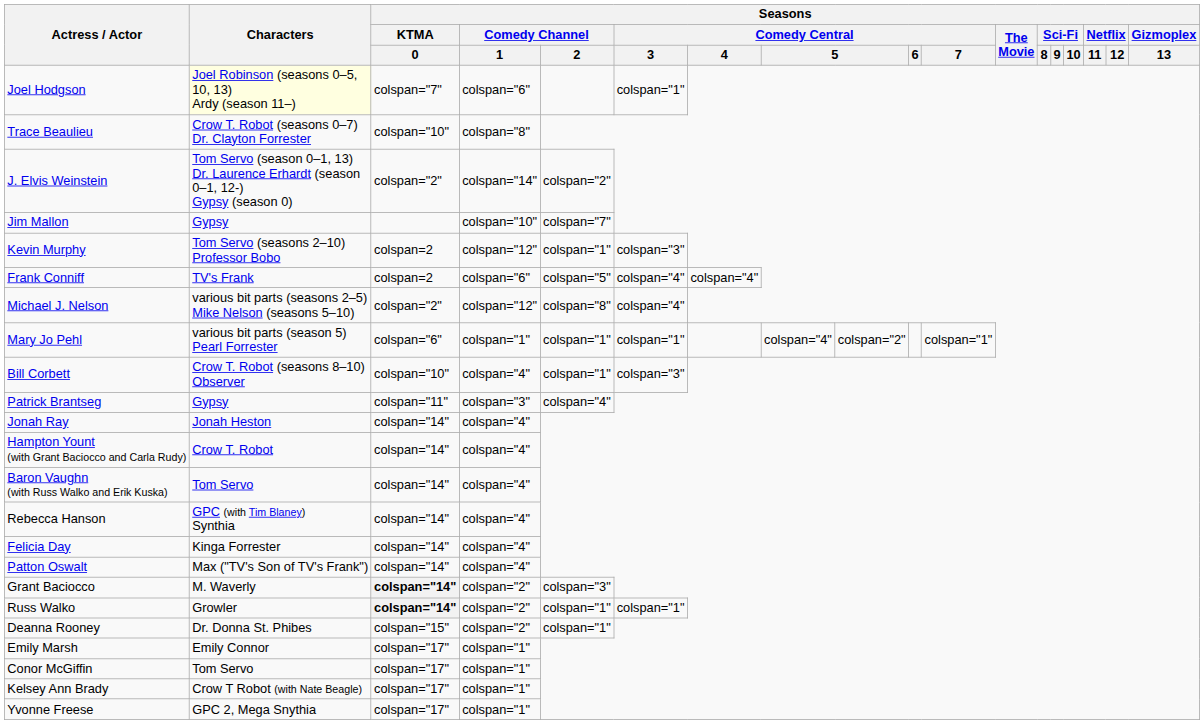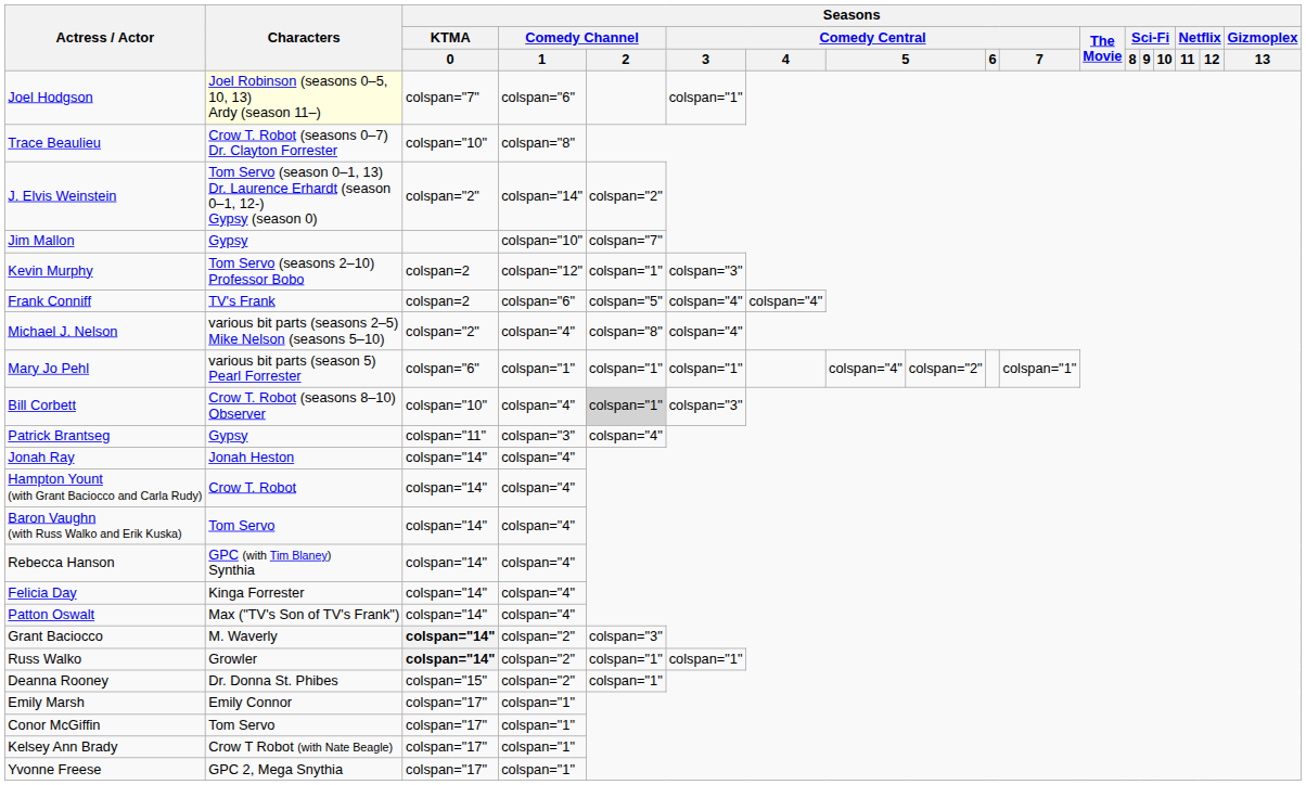 <table class="wikitable sortable" width="100%" style="margin:1em auto;">
 <tr>
 <th scope="col" rowspan="3">Actress / Actor</th>
 <th scope="col" rowspan="3">Characters</th>
 <th scope="col" colspan="18">Seasons</th>
 </tr>
 <tr>
 <th scope="col">KTMA</th>
 <th scope="col" colspan="2"><a href='#'>Comedy Channel</a></th>
 <th scope="col" colspan="6"><a href='#'>Comedy Central</a></th>
 <th scope="col" rowspan="2"><a href='#'>The Movie</a></th>
 <th scope="col" colspan="4"><a href='#'>Sci-Fi</a></th>
 <th scope="col" colspan="3"><a href='#'>Netflix</a></th>
 <th scope="col" colspan="1"><a href='#'>Gizmoplex</a></th>
 </tr>
 <tr>
 <th scope="col">0</th>
 <th scope="col">1</th>
 <th scope="col">2</th>
 <th scope="col">3</th>
 <th scope="col">4</th>
 <th scope="col" colspan="2">5</th>
 <th scope="col">6</th>
 <th scope="col">7</th>
 <th scope="col" colspan="2">8</th>
 <th scope="col">9</th>
 <th scope="col">10</th>
 <th scope="col" colspan="2">11</th>
 <th scope="col">12</th>
 <th scope="col">13</th>
 </tr>
 <tr>
 <td scope="row"><a href='#'>Joel Hodgson</a></td>
 <td style="background: lightyellow;"><a href='#'>Joel Robinson</a> (seasons 0–5, 10, 13)<br>Ardy (season 11–)</td>
 <td>colspan="7" </td>
 <td>colspan="6" </td>
 <td></td>
 <td>colspan="1" </td>
 </tr>
 <tr>
 <td scope="row"><a href='#'>Trace Beaulieu</a></td>
 <td><a href='#'>Crow T. Robot</a> (seasons 0–7) <br><a href='#'>Dr. Clayton Forrester</a></td>
 <td>colspan="10" </td>
 <td>colspan="8" </td>
 </tr>
 <tr>
 <td scope="row"><a href='#'>J. Elvis Weinstein</a></td>
 <td><a href='#'>Tom Servo</a> (season 0–1, 13)<br><a href='#'>Dr. Laurence Erhardt</a> (season 0–1, 12-)<br><a href='#'>Gypsy</a> (season 0)</td>
 <td>colspan="2" </td>
 <td>colspan="14" </td>
 <td>colspan="2" </td>
 </tr>
 <tr>
 <td scope="row"><a href='#'>Jim Mallon</a></td>
 <td><a href='#'>Gypsy</a></td>
 <td></td>
 <td>colspan="10" </td>
 <td>colspan="7" </td>
 </tr>
 <tr>
 <td scope="row"><a href='#'>Kevin Murphy</a></td>
 <td><a href='#'>Tom Servo</a> (seasons 2–10)<br><a href='#'>Professor Bobo</a></td>
 <td>colspan=2 </td>
 <td>colspan="12" </td>
 <td>colspan="1" </td>
 <td>colspan="3" </td>
 </tr>
 <tr>
 <td scope="row"><a href='#'>Frank Conniff</a></td>
 <td><a href='#'>TV's Frank</a></td>
 <td>colspan=2 </td>
 <td>colspan="6" </td>
 <td>colspan="5" </td>
 <td>colspan="4" </td>
 <td>colspan="4" </td>
 </tr>
 <tr>
 <td scope="row"><a href='#'>Michael J. Nelson</a></td>
 <td>various bit parts (seasons 2–5)<br><a href='#'>Mike Nelson</a> (seasons 5–10)</td>
 <td>colspan="2" </td>
-<td>colspan="12" </td>
+<td>colspan="4" </td>
 <td>colspan="8" </td>
 <td>colspan="4" </td>
 </tr>
 <tr>
 <td scope="row"><a href='#'>Mary Jo Pehl</a></td>
 <td>various bit parts (season 5)<br><a href='#'>Pearl Forrester</a></td>
 <td>colspan="6" </td>
 <td>colspan="1" </td>
 <td>colspan="1" </td>
 <td>colspan="1" </td>
 <td></td>
 <td>colspan="4" </td>
 <td>colspan="2" </td>
 <td></td>
 <td>colspan="1" </td>
 </tr>
 <tr>
 <td scope="row"><a href='#'>Bill Corbett</a></td>
 <td><a href='#'>Crow T. Robot</a> (seasons 8–10)<br> <a href='#'>Observer</a></td>
 <td>colspan="10" </td>
 <td>colspan="4" </td>
-<td>colspan="1" </td>
+<td style="background: lightgrey;">colspan="1" </td>
 <td>colspan="3" </td>
 </tr>
 <tr>
 <td scope="row"><a href='#'>Patrick Brantseg</a></td>
 <td><a href='#'>Gypsy</a></td>
 <td>colspan="11" </td>
 <td>colspan="3" </td>
 <td>colspan="4" </td>
 </tr>
 <tr>
 <td scope="row" style="white-space:nowrap;"><a href='#'>Jonah Ray</a></td>
 <td style="white-space:nowrap;"><a href='#'>Jonah Heston</a></td>
 <td>colspan="14" </td>
 <td>colspan="4"  </td>
 </tr>
 <tr>
 <td scope="row" style="white-space:nowrap;"><a href='#'>Hampton Yount</a><br><small>(with Grant Baciocco and Carla Rudy)</small></td>
 <td style="white-space:nowrap;"><a href='#'>Crow T. Robot</a></td>
 <td>colspan="14" </td>
 <td>colspan="4"  </td>
 </tr>
 <tr>
 <td scope="row" style="white-space:nowrap;"><a href='#'>Baron Vaughn</a><br><small>(with Russ Walko and Erik Kuska)</small></td>
 <td style="white-space:nowrap;"><a href='#'>Tom Servo</a></td>
 <td>colspan="14" </td>
 <td>colspan="4"  </td>
 </tr>
 <tr>
 <td scope="row" style="white-space:nowrap;">Rebecca Hanson<br></td>
 <td style="white-space:nowrap;"><a href='#'>GPC</a> <small>(with <a href='#'>Tim Blaney</a>)</small><br>Synthia</td>
 <td>colspan="14" </td>
 <td>colspan="4"  </td>
 </tr>
 <tr>
 <td scope="row" style="white-space:nowrap;"><a href='#'>Felicia Day</a><br></td>
 <td style="white-space:nowrap;">Kinga Forrester</td>
 <td>colspan="14" </td>
 <td>colspan="4"  </td>
 </tr>
 <tr>
 <td scope="row" style="white-space:nowrap;"><a href='#'>Patton Oswalt</a><br></td>
 <td style="white-space:nowrap;">Max ("TV's Son of TV's Frank")</td>
 <td>colspan="14" </td>
 <td>colspan="4"  </td>
 </tr>
 <tr>
 <td scope="row" style="white-space:nowrap;">Grant Baciocco</td>
 <td style="white-space:nowrap;">M. Waverly</td>
 <th>colspan="14" </th>
 <td>colspan="2" </td>
 <td>colspan="3" </td>
 </tr>
 <tr>
 <td scope="row" style="white-space:nowrap;">Russ Walko</td>
 <td style="white-space:nowrap;">Growler</td>
 <th>colspan="14" </th>
 <td>colspan="2" </td>
 <td>colspan="1" </td>
 <td>colspan="1" </td>
 </tr>
 <tr>
 <td scope="row" style="white-space:nowrap;">Deanna Rooney<br></td>
 <td style="white-space:nowrap;">Dr. Donna St. Phibes</td>
 <td>colspan="15" </td>
 <td>colspan="2"  </td>
 <td>colspan="1" </td>
 </tr>
 <tr>
 <td scope="row" style="white-space:nowrap;">Emily Marsh<br></td>
 <td style="white-space:nowrap;">Emily Connor</td>
 <td>colspan="17" </td>
 <td>colspan="1"  </td>
 </tr>
 <tr>
 <td scope="row" style="white-space:nowrap;">Conor McGiffin<br></td>
 <td style="white-space:nowrap;">Tom Servo</td>
 <td>colspan="17" </td>
 <td>colspan="1"  </td>
 </tr>
 <tr>
 <td scope="row" style="white-space:nowrap;">Kelsey Ann Brady<br></td>
 <td style="white-space:nowrap;">Crow T Robot <small>(with Nate Beagle)</small></td>
 <td>colspan="17" </td>
 <td>colspan="1"  </td>
 </tr>
 <tr>
 <td scope="row" style="white-space:nowrap;">Yvonne Freese<br></td>
 <td style="white-space:nowrap;">GPC 2, Mega Snythia</td>
 <td>colspan="17" </td>
 <td>colspan="1"  </td>
 </tr>
 </table>
